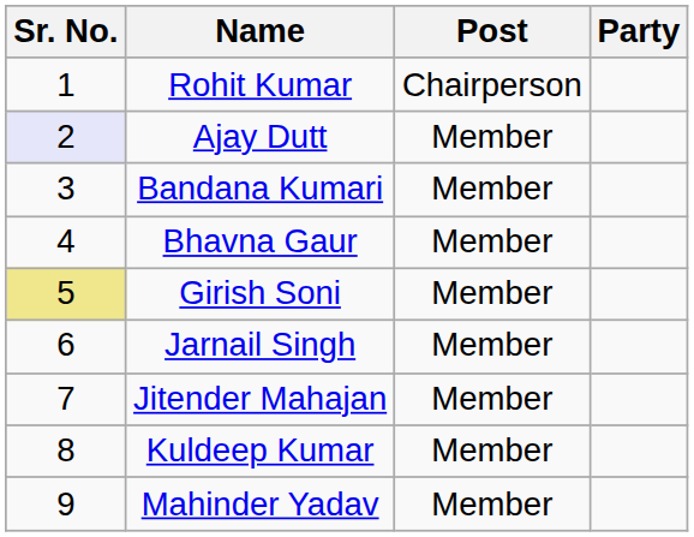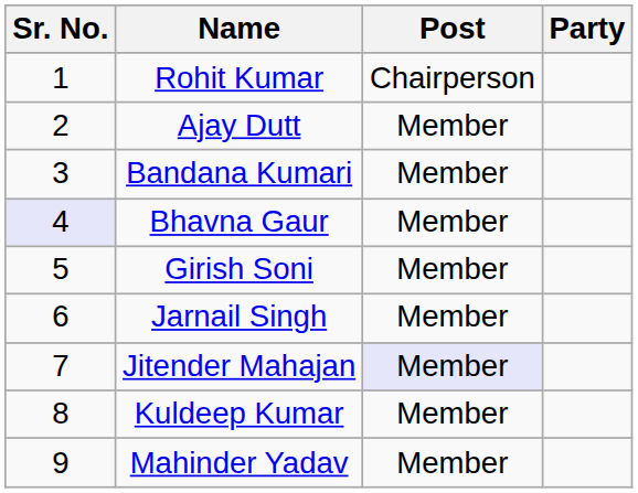 <table class="wikitable sortable">
 <tr>
 <th>Sr. No.</th>
 <th>Name</th>
 <th>Post</th>
 <th colspan="2">Party</th>
 </tr>
 <tr align="center">
 <td>1</td>
 <td><a href='#'>Rohit Kumar</a></td>
 <td>Chairperson</td>
 <td></td>
 </tr>
 <tr align="center">
-<td style="background: lavender;">2</td>
+<td>2</td>
 <td><a href='#'>Ajay Dutt</a></td>
 <td>Member</td>
 <td></td>
 </tr>
 <tr align="center">
 <td>3</td>
 <td><a href='#'>Bandana Kumari</a></td>
 <td>Member</td>
 <td></td>
 </tr>
 <tr align="center">
-<td>4</td>
+<td style="background: lavender;">4</td>
 <td><a href='#'>Bhavna Gaur</a></td>
 <td>Member</td>
 <td></td>
 </tr>
 <tr align="center">
-<td style="background: khaki;">5</td>
+<td>5</td>
 <td><a href='#'>Girish Soni</a></td>
 <td>Member</td>
 <td></td>
 </tr>
 <tr align="center">
 <td>6</td>
 <td><a href='#'>Jarnail Singh</a></td>
 <td>Member</td>
 <td></td>
 </tr>
 <tr align="center">
 <td>7</td>
 <td><a href='#'>Jitender Mahajan</a></td>
-<td>Member</td>
+<td style="background: lavender;">Member</td>
 <td></td>
 </tr>
 <tr align="center">
 <td>8</td>
 <td><a href='#'>Kuldeep Kumar</a></td>
 <td>Member</td>
 <td></td>
 </tr>
 <tr align="center">
 <td>9</td>
 <td><a href='#'>Mahinder Yadav</a></td>
 <td>Member</td>
 <td></td>
 </tr>
 </table>
